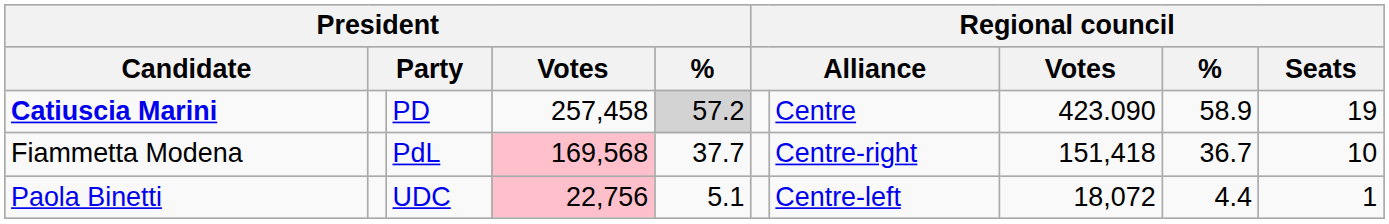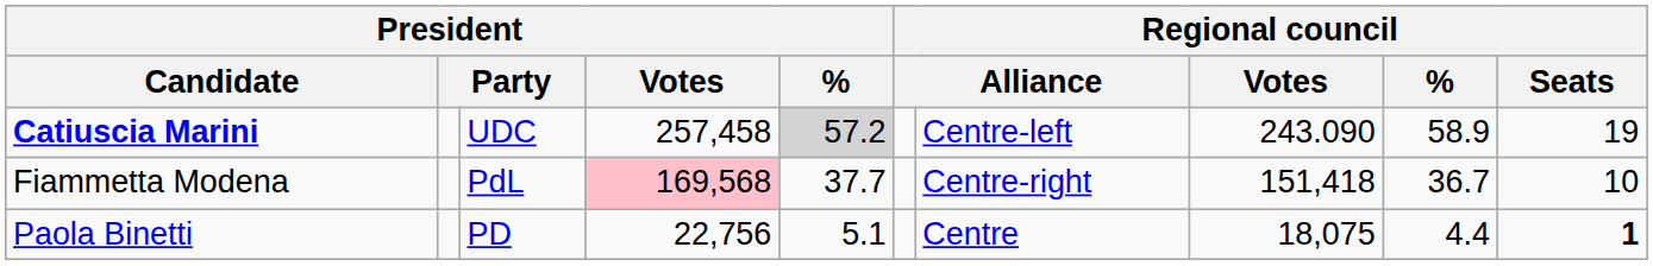 <table class="wikitable" style="text-align:right; style="width=65%">
 <tr>
 <th colspan="5">President</th>
 <th colspan="7">Regional council</th>
 </tr>
 <tr>
 <th>Candidate</th>
 <th colspan="2">Party</th>
 <th>Votes</th>
 <th>%</th>
 <th colspan="2">Alliance</th>
 <th>Votes</th>
 <th>%</th>
 <th>Seats</th>
 </tr>
 <tr>
 <td style="text-align:left"><strong><a href='#'>Catiuscia Marini</a></strong></td>
 <td></td>
-<td style="text-align:left"><a href='#'>PD</a></td>
+<td style="text-align:left"><a href='#'>UDC</a></td>
 <td>257,458</td>
 <td style="background: lightgrey;">57.2</td>
 <td></td>
-<td style="text-align:left"><a href='#'>Centre</a></td>
-<td>423.090</td>
+<td style="text-align:left"><a href='#'>Centre-left</a></td>
+<td>243.090</td>
 <td>58.9</td>
 <td>19</td>
 </tr>
 <tr>
 <td style="text-align:left">Fiammetta Modena</td>
 <td></td>
 <td style="text-align:left"><a href='#'>PdL</a></td>
 <td style="background: pink;">169,568</td>
 <td>37.7</td>
 <td></td>
 <td style="text-align:left"><a href='#'>Centre-right</a></td>
 <td>151,418</td>
 <td>36.7</td>
 <td>10</td>
 </tr>
 <tr>
 <td style="text-align:left"><a href='#'>Paola Binetti</a></td>
 <td></td>
-<td style="text-align:left"><a href='#'>UDC</a></td>
-<td style="background: pink;">22,756</td>
+<td style="text-align:left"><a href='#'>PD</a></td>
+<td>22,756</td>
 <td>5.1</td>
 <td></td>
-<td style="text-align:left"><a href='#'>Centre-left</a></td>
-<td>18,072</td>
+<td style="text-align:left"><a href='#'>Centre</a></td>
+<td>18,075</td>
 <td>4.4</td>
-<td>1</td>
+<td><strong>1</strong></td>
 </tr>
 </table>
